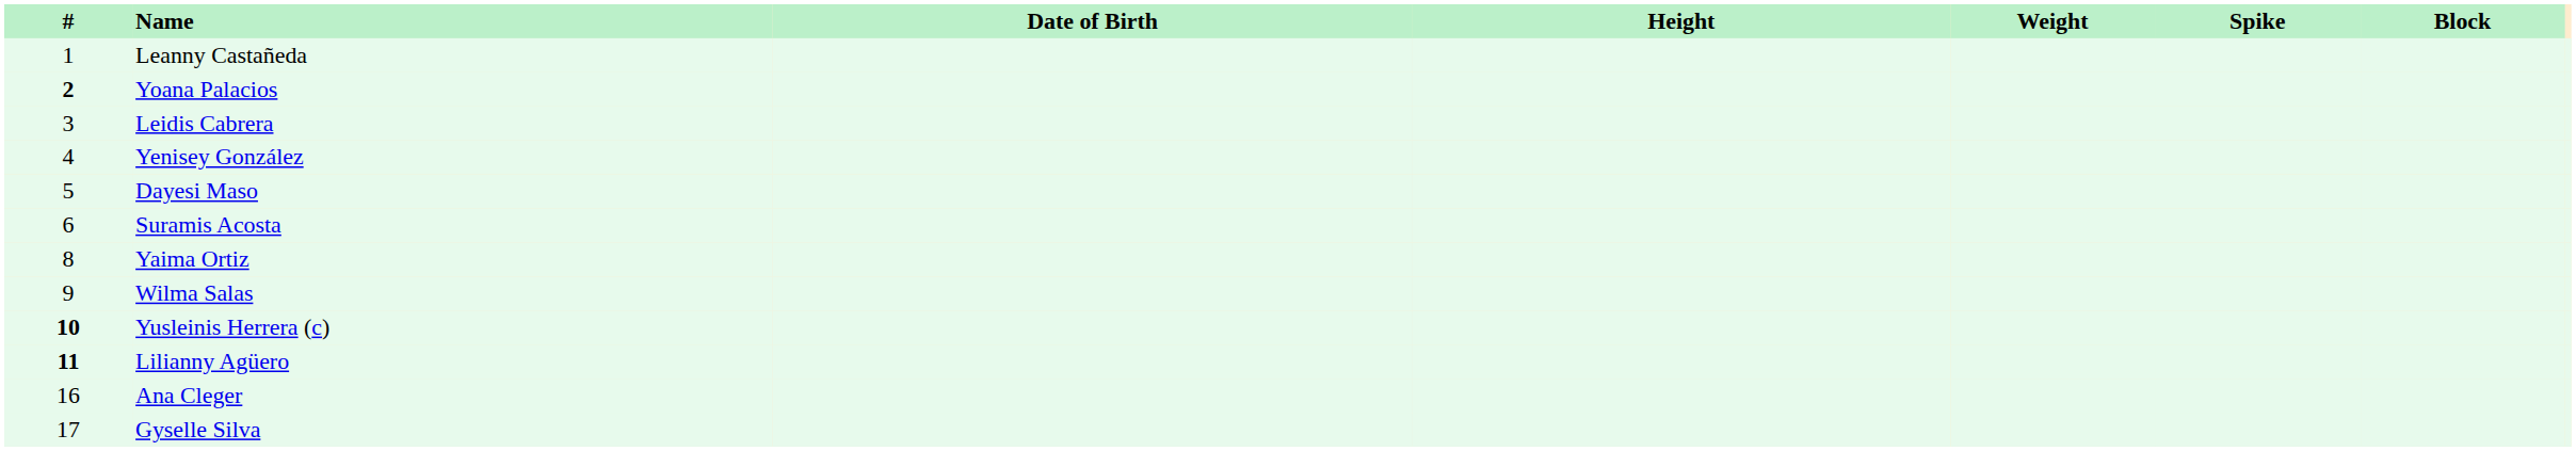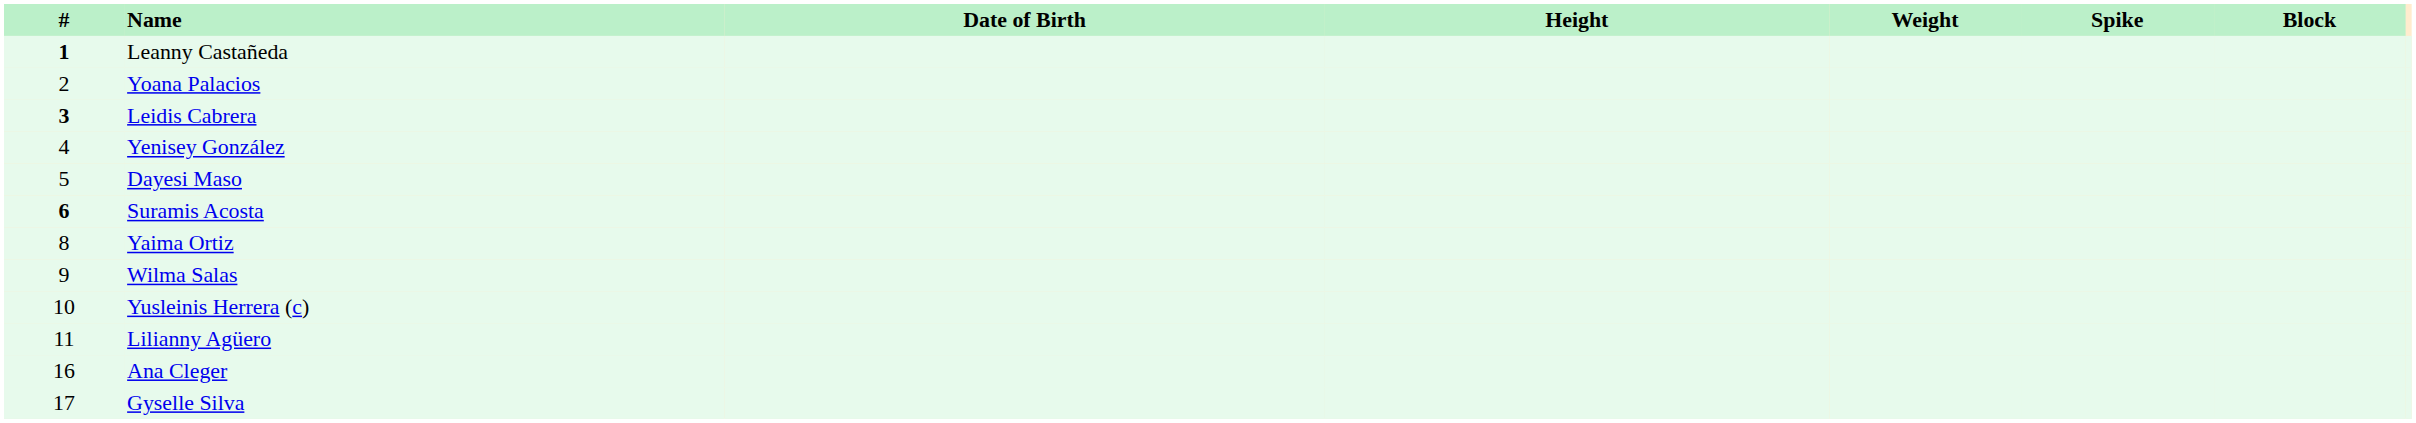 <table border=0 cellpadding=2 cellspacing=0  |- bgcolor=#FFECCE style="text-align:center; font-size:90%;" width=100%>
 <tr bgcolor=#BBF0C9>
 <th width=5%>#</th>
 <th width=25% align=left>Name</th>
 <th width=25%>Date of Birth</th>
 <th width=21%>Height</th>
 <th width=8%>Weight</th>
 <th width=8%>Spike</th>
 <th width=8%>Block</th>
 </tr>
 <tr bgcolor=#E7FAEC>
-<td>1</td>
+<td><strong>1</strong></td>
 <td align=left>Leanny Castañeda</td>
 <td></td>
 <td></td>
 <td></td>
 <td></td>
 <td></td>
 <td></td>
 </tr>
 <tr bgcolor=#E7FAEC>
-<td><strong>2</strong></td>
+<td>2</td>
 <td align=left><a href='#'>Yoana Palacios</a></td>
 <td></td>
 <td></td>
 <td></td>
 <td></td>
 <td></td>
 <td></td>
 </tr>
 <tr bgcolor=#E7FAEC>
-<td>3</td>
+<td><strong>3</strong></td>
 <td align=left><a href='#'>Leidis Cabrera</a></td>
 <td></td>
 <td></td>
 <td></td>
 <td></td>
 <td></td>
 <td></td>
 </tr>
 <tr bgcolor=#E7FAEC>
 <td>4</td>
 <td align=left><a href='#'>Yenisey González</a></td>
 <td></td>
 <td></td>
 <td></td>
 <td></td>
 <td></td>
 <td></td>
 </tr>
 <tr bgcolor=#E7FAEC>
 <td>5</td>
 <td align=left><a href='#'>Dayesi Maso</a></td>
 <td></td>
 <td></td>
 <td></td>
 <td></td>
 <td></td>
 <td></td>
 </tr>
 <tr bgcolor=#E7FAEC>
-<td>6</td>
+<td><strong>6</strong></td>
 <td align=left><a href='#'>Suramis Acosta</a></td>
 <td></td>
 <td></td>
 <td></td>
 <td></td>
 <td></td>
 <td></td>
 </tr>
 <tr bgcolor=#E7FAEC>
 <td>8</td>
 <td align=left><a href='#'>Yaima Ortiz</a></td>
 <td></td>
 <td></td>
 <td></td>
 <td></td>
 <td></td>
 <td></td>
 </tr>
 <tr bgcolor=#E7FAEC>
 <td>9</td>
 <td align=left><a href='#'>Wilma Salas</a></td>
 <td></td>
 <td></td>
 <td></td>
 <td></td>
 <td></td>
 <td></td>
 </tr>
 <tr bgcolor=#E7FAEC>
-<td><strong>10</strong></td>
+<td>10</td>
 <td align=left><a href='#'>Yusleinis Herrera</a> (<a href='#'>c</a>)</td>
 <td></td>
 <td></td>
 <td></td>
 <td></td>
 <td></td>
 <td></td>
 </tr>
 <tr bgcolor=#E7FAEC>
-<td><strong>11</strong></td>
+<td>11</td>
 <td align=left><a href='#'>Lilianny Agüero</a></td>
 <td></td>
 <td></td>
 <td></td>
 <td></td>
 <td></td>
 <td></td>
 </tr>
 <tr bgcolor=#E7FAEC>
 <td>16</td>
 <td align=left><a href='#'>Ana Cleger</a></td>
 <td></td>
 <td></td>
 <td></td>
 <td></td>
 <td></td>
 <td></td>
 </tr>
 <tr bgcolor=#E7FAEC>
 <td>17</td>
 <td align=left><a href='#'>Gyselle Silva</a></td>
 <td></td>
 <td></td>
 <td></td>
 <td></td>
 <td></td>
 <td></td>
 </tr>
 </table>
